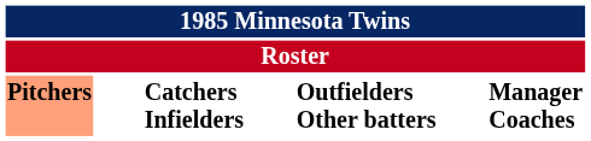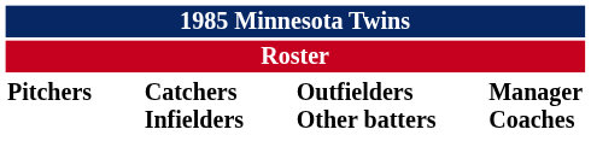 <table class="toccolours" style="font-size: 95%;">
 <tr>
 <th colspan="10" style="background-color: #072764; color: white; text-align: center;">1985 Minnesota Twins</th>
 </tr>
 <tr>
 <td colspan="10" style="background-color: #c6011f; color: white; text-align: center;"><strong>Roster</strong></td>
 </tr>
 <tr>
-<td valign="top" style="background: lightsalmon;"><strong>Pitchers</strong><br>                </td>
+<td valign="top"><strong>Pitchers</strong><br>                </td>
 <td width="25px"></td>
 <td valign="top"><strong>Catchers</strong><br>   <strong>Infielders</strong>       </td>
 <td width="25px"></td>
 <td valign="top"><strong>Outfielders</strong><br>     <strong>Other batters</strong>    </td>
 <td width="25px"></td>
 <td valign="top"><strong>Manager</strong><br>  <strong>Coaches</strong>    </td>
 </tr>
 <tr>
 </tr>
 </table>
